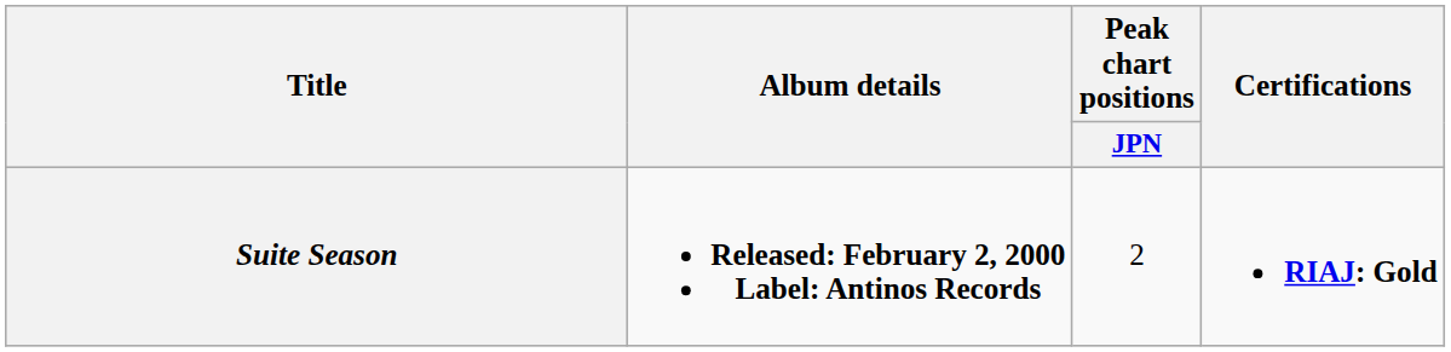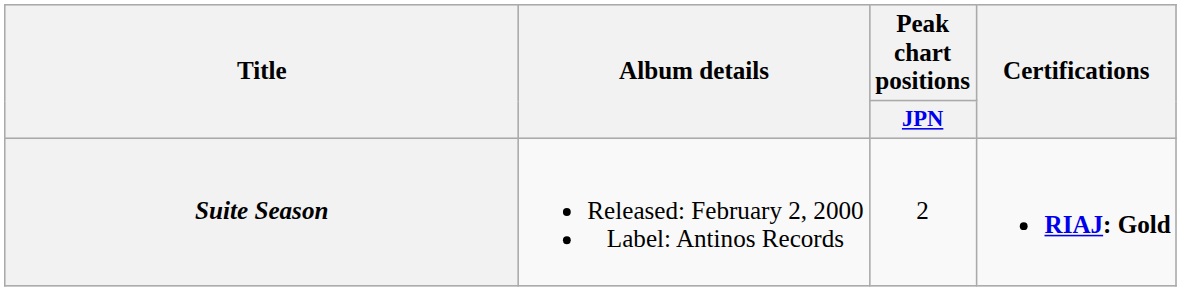 <table class="wikitable plainrowheaders" style="text-align:center;">
 <tr>
 <th rowspan="2" style="width:20em;">Title</th>
 <th rowspan="2">Album details</th>
 <th colspan="1">Peak chart positions</th>
 <th rowspan="2">Certifications</th>
 </tr>
 <tr>
 <th scope="col" style="width:2.5em;font-size:90%;"><a href='#'>JPN</a><br></th>
 </tr>
 <tr>
 <th scope="row"><em>Suite Season</em></th>
-<td><strong><br><ul><li>Released: February 2, 2000</li><li>Label: Antinos Records</li></ul></strong></td>
+<td><br><ul><li>Released: February 2, 2000</li><li>Label: Antinos Records</li></ul></td>
 <td>2</td>
 <td><strong><br><ul><li><a href='#'>RIAJ</a>: Gold</li></ul></strong></td>
 </tr>
 </table>
